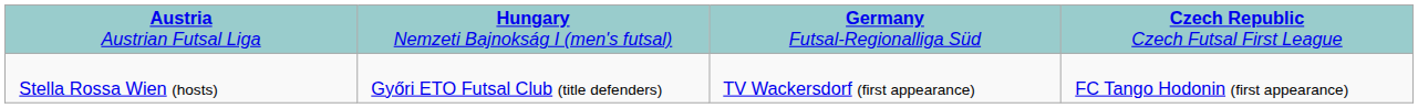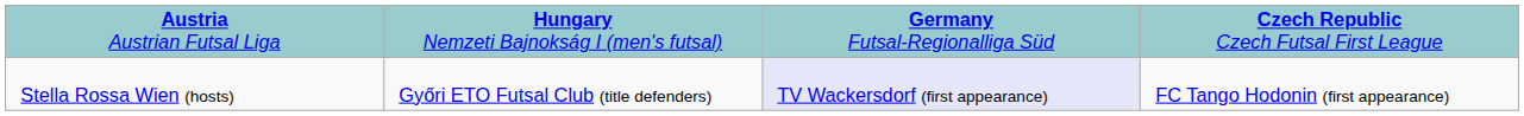 <table class="wikitable">
 <tr style="vertical-align:top; background:#99CCCC;">
 <td align="center" width="16%"><strong><a href='#'>Austria</a></strong><br><em><a href='#'>Austrian Futsal Liga</a></em></td>
 <td align="center" width="16%"><strong><a href='#'>Hungary</a></strong><br><em><a href='#'>Nemzeti Bajnokság I (men's futsal)</a></em></td>
 <td align="center" width="16%"><strong><a href='#'>Germany</a></strong><br><em><a href='#'>Futsal-Regionalliga Süd</a></em></td>
 <td align="center" width="16%"><strong><a href='#'>Czech Republic</a></strong><br><em><a href='#'>Czech Futsal First League</a></em></td>
 </tr>
 <tr style="vertical-align:top">
 <td><br>   <a href='#'>Stella Rossa Wien</a> <small>(hosts)</small></td>
 <td><br>  <a href='#'>Győri ETO Futsal Club</a> <small>(title defenders)</small></td>
-<td><br>   <a href='#'>TV Wackersdorf</a> <small>(first appearance)</small></td>
+<td style="background: lavender;"><br>   <a href='#'>TV Wackersdorf</a> <small>(first appearance)</small></td>
 <td><br>  <a href='#'>FC Tango Hodonin</a> <small>(first appearance)</small></td>
 </tr>
 </table>
